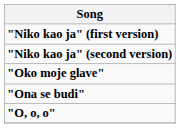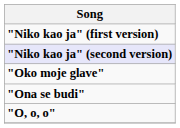 <table class ="wikitable">
 <tr>
 <th>Song</th>
 </tr>
 <tr>
 <td><strong>"Niko kao ja" (first version)</strong></td>
 </tr>
 <tr>
-<td><strong>"Niko kao ja" (second version)</strong></td>
+<td style="background: lavender;"><strong>"Niko kao ja" (second version)</strong></td>
 </tr>
 <tr>
 <td><strong>"Oko moje glave"</strong></td>
 </tr>
 <tr>
 <td><strong>"Ona se budi"</strong></td>
 </tr>
 <tr>
 <td><strong>"O, o, o"</strong></td>
 </tr>
 <tr>
 </tr>
 </table>
